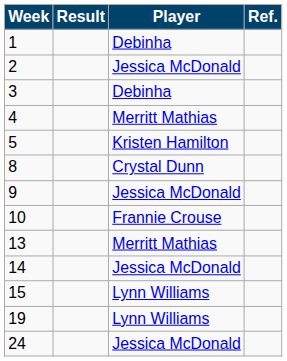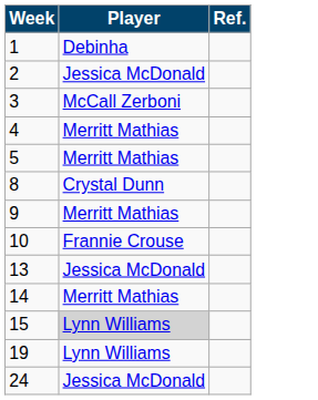 <table class=wikitable>
 <tr>
 <th style="background:#01426A; color:white;">Week</th>
-<th style="background:#01426A; color:white;">Result</th>
 <th style="background:#01426A; color:white;">Player</th>
 <th style="background:#01426A; color:white;">Ref.</th>
 </tr>
 <tr>
 <td>1</td>
-<td></td>
 <td> <a href='#'>Debinha</a></td>
 <td></td>
 </tr>
 <tr>
 <td>2</td>
-<td></td>
 <td> <a href='#'>Jessica McDonald</a></td>
 <td></td>
 </tr>
 <tr>
 <td>3</td>
-<td></td>
-<td> <a href='#'>Debinha</a></td>
+<td> <a href='#'>McCall Zerboni</a></td>
 <td></td>
 </tr>
 <tr>
 <td>4</td>
-<td></td>
 <td> <a href='#'>Merritt Mathias</a></td>
 <td></td>
 </tr>
 <tr>
 <td>5</td>
-<td></td>
-<td> <a href='#'>Kristen Hamilton</a></td>
+<td> <a href='#'>Merritt Mathias</a></td>
 <td></td>
 </tr>
 <tr>
 <td>8</td>
-<td></td>
 <td> <a href='#'>Crystal Dunn</a></td>
 <td></td>
 </tr>
 <tr>
 <td>9</td>
-<td></td>
-<td> <a href='#'>Jessica McDonald</a></td>
+<td> <a href='#'>Merritt Mathias</a></td>
 <td></td>
 </tr>
 <tr>
 <td>10</td>
-<td></td>
 <td> <a href='#'>Frannie Crouse</a></td>
 <td></td>
 </tr>
 <tr>
 <td>13</td>
+<td> <a href='#'>Jessica McDonald</a></td>
 <td></td>
+</tr>
+<tr>
+<td>14</td>
 <td> <a href='#'>Merritt Mathias</a></td>
 <td></td>
 </tr>
 <tr>
-<td>14</td>
-<td></td>
-<td> <a href='#'>Jessica McDonald</a></td>
-<td></td>
-</tr>
-<tr>
 <td>15</td>
-<td></td>
-<td> <a href='#'>Lynn Williams</a></td>
+<td style="background: lightgrey;"> <a href='#'>Lynn Williams</a></td>
 <td></td>
 </tr>
 <tr>
 <td>19</td>
-<td></td>
 <td> <a href='#'>Lynn Williams</a></td>
 <td></td>
 </tr>
 <tr>
 <td>24</td>
-<td></td>
 <td> <a href='#'>Jessica McDonald</a></td>
 <td></td>
 </tr>
 </table>
